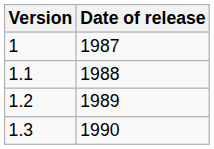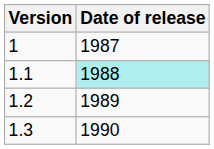 <table class="wikitable">
 <tr>
 <th>Version</th>
 <th>Date of release</th>
 </tr>
 <tr>
 <td>1</td>
 <td>1987</td>
 </tr>
 <tr>
 <td>1.1</td>
-<td>1988</td>
+<td style="background: paleturquoise;">1988</td>
 </tr>
 <tr>
 <td>1.2</td>
 <td>1989</td>
 </tr>
 <tr>
 <td>1.3</td>
 <td>1990</td>
 </tr>
 </table>
